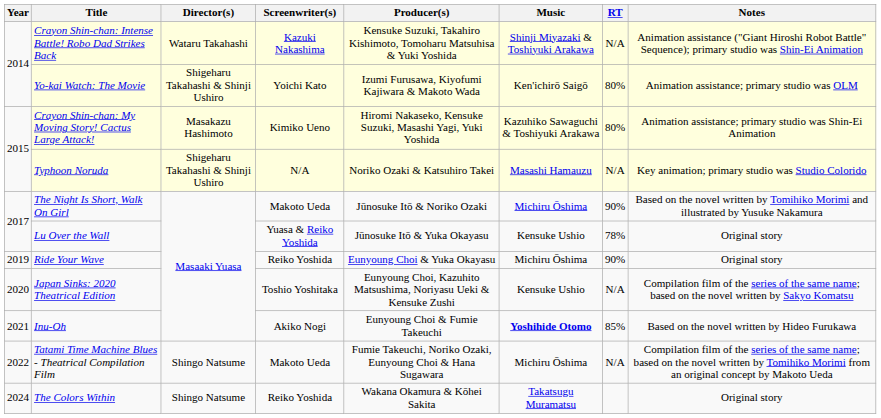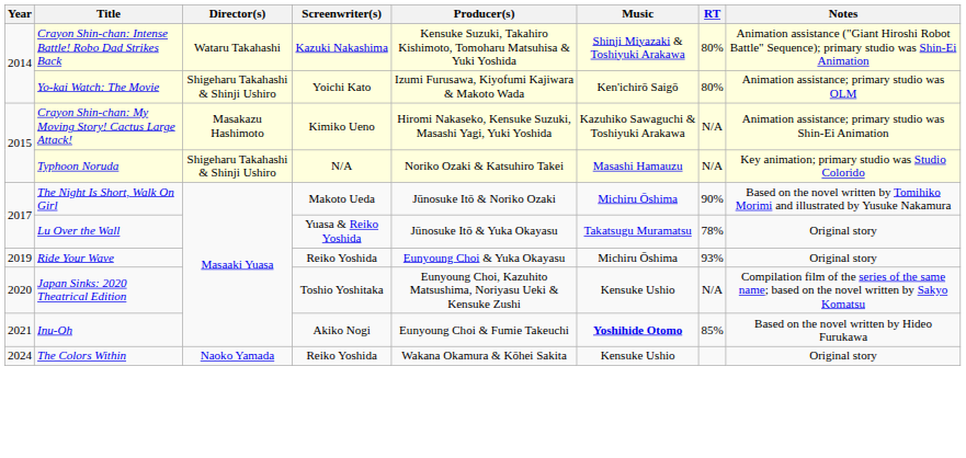 <table class="wikitable sortable"  style="text-align:center; width:100%;">
 <tr>
 <th data-sort-type="number">Year</th>
 <th data-sort-type="text">Title</th>
 <th data-sort-type="text">Director(s)</th>
 <th data-sort-type="text">Screenwriter(s)</th>
 <th data-sort-type="text">Producer(s)</th>
 <th data-sort-type="text">Music</th>
 <th data-sort-type="number"><a href='#'>RT</a></th>
 <th data-sort-type="text">Notes</th>
 </tr>
 <tr>
 <td rowspan="2" style="text-align:left">2014</td>
 <td style="background: #FFD; text-align: left"><em><a href='#'>Crayon Shin-chan: Intense Battle! Robo Dad Strikes Back</a></em></td>
 <td style="background: #FFD">Wataru Takahashi</td>
 <td style="background: #FFD"><a href='#'>Kazuki Nakashima</a></td>
 <td style="background: #FFD">Kensuke Suzuki, Takahiro Kishimoto, Tomoharu Matsuhisa & Yuki Yoshida</td>
 <td style="background: #FFD"><a href='#'>Shinji Miyazaki</a> & <a href='#'>Toshiyuki Arakawa</a></td>
-<td style="background: #FFD">N/A</td>
+<td style="background: #FFD">80%</td>
 <td style="background: #FFD">Animation assistance ("Giant Hiroshi Robot Battle" Sequence); primary studio was <a href='#'>Shin-Ei Animation</a></td>
 </tr>
 <tr>
 <td style="background: #FFD; text-align: left"><em><a href='#'>Yo-kai Watch: The Movie</a></em></td>
 <td style="background: #FFD">Shigeharu Takahashi & Shinji Ushiro</td>
 <td style="background: #FFD">Yoichi Kato</td>
 <td style="background: #FFD">Izumi Furusawa, Kiyofumi Kajiwara & Makoto Wada</td>
 <td style="background: #FFD">Ken'ichirō Saigō</td>
 <td style="background: #FFD">80%</td>
 <td style="background: #FFD">Animation assistance; primary studio was <a href='#'>OLM</a></td>
 </tr>
 <tr>
 <td rowspan="2" style="text-align:left">2015</td>
 <td style="background: #FFD; text-align: left"><em><a href='#'>Crayon Shin-chan: My Moving Story! Cactus Large Attack!</a></em></td>
 <td style="background: #FFD">Masakazu Hashimoto</td>
 <td style="background: #FFD">Kimiko Ueno</td>
 <td style="background: #FFD">Hiromi Nakaseko, Kensuke Suzuki, Masashi Yagi, Yuki Yoshida</td>
 <td style="background: #FFD">Kazuhiko Sawaguchi & Toshiyuki Arakawa</td>
-<td style="background: #FFD">80%</td>
+<td style="background: #FFD">N/A</td>
 <td style="background: #FFD">Animation assistance; primary studio was Shin-Ei Animation</td>
 </tr>
 <tr>
 <td style="background: #FFD; text-align: left"><em><a href='#'>Typhoon Noruda</a></em></td>
 <td style="background: #FFD">Shigeharu Takahashi & Shinji Ushiro</td>
 <td style="background: #FFD">N/A</td>
 <td style="background: #FFD">Noriko Ozaki & Katsuhiro Takei</td>
 <td style="background: #FFD"><a href='#'>Masashi Hamauzu</a></td>
 <td style="background: #FFD">N/A</td>
 <td style="background: #FFD">Key animation; primary studio was <a href='#'>Studio Colorido</a></td>
 </tr>
 <tr>
 <td rowspan="2" style="text-align:left">2017</td>
 <td style="text-align:left"><em><a href='#'>The Night Is Short, Walk On Girl</a></em></td>
 <td rowspan="5"><a href='#'>Masaaki Yuasa</a></td>
 <td>Makoto Ueda</td>
 <td>Jūnosuke Itō & Noriko Ozaki</td>
 <td><a href='#'>Michiru Ōshima</a></td>
 <td>90%</td>
 <td>Based on the novel written by <a href='#'>Tomihiko Morimi</a> and illustrated by Yusuke Nakamura</td>
 </tr>
 <tr>
 <td style="text-align:left"><em><a href='#'>Lu Over the Wall</a></em></td>
 <td>Yuasa & <a href='#'>Reiko Yoshida</a></td>
 <td>Jūnosuke Itō & Yuka Okayasu</td>
-<td>Kensuke Ushio</td>
+<td><a href='#'>Takatsugu Muramatsu</a></td>
 <td>78%</td>
 <td>Original story</td>
 </tr>
 <tr>
 <td style="text-align:left">2019</td>
 <td style="text-align:left"><em><a href='#'>Ride Your Wave</a></em></td>
 <td>Reiko Yoshida</td>
 <td><a href='#'>Eunyoung Choi</a> & Yuka Okayasu</td>
 <td>Michiru Ōshima</td>
-<td>90%</td>
+<td>93%</td>
 <td>Original story</td>
 </tr>
 <tr>
 <td style="text-align:left">2020</td>
 <td style="text-align:left"><em><a href='#'>Japan Sinks: 2020 Theatrical Edition</a></em></td>
 <td>Toshio Yoshitaka</td>
 <td>Eunyoung Choi, Kazuhito Matsushima, Noriyasu Ueki & Kensuke Zushi</td>
 <td>Kensuke Ushio</td>
 <td>N/A</td>
 <td>Compilation film of the <a href='#'>series of the same name</a>; based on the novel written by <a href='#'>Sakyo Komatsu</a></td>
 </tr>
 <tr>
 <td rowspan="1" style="text-align:left">2021</td>
 <td style="text-align:left"><em><a href='#'>Inu-Oh</a></em></td>
 <td>Akiko Nogi</td>
 <td>Eunyoung Choi & Fumie Takeuchi</td>
 <td><strong><a href='#'>Yoshihide Otomo</a></strong></td>
 <td>85%</td>
 <td>Based on the novel written by Hideo Furukawa</td>
 </tr>
 <tr>
-<td rowspan="1" style="text-align:left">2022</td>
-<td style="text-align:left"><em><a href='#'>Tatami Time Machine Blues</a> - Theatrical Compilation Film</em></td>
-<td>Shingo Natsume</td>
-<td>Makoto Ueda</td>
-<td>Fumie Takeuchi, Noriko Ozaki, Eunyoung Choi & Hana Sugawara</td>
-<td>Michiru Ōshima</td>
-<td>N/A</td>
-<td>Compilation film of the <a href='#'>series of the same name</a>; based on the novel written by <a href='#'>Tomihiko Morimi</a> from an original concept by Makoto Ueda</td>
-</tr>
-<tr>
 <td rowspan="1" style="text-align:left">2024</td>
 <td style="text-align:left"><em><a href='#'>The Colors Within</a></em></td>
-<td>Shingo Natsume</td>
+<td><a href='#'>Naoko Yamada</a></td>
 <td>Reiko Yoshida</td>
 <td>Wakana Okamura & Kōhei Sakita</td>
-<td><a href='#'>Takatsugu Muramatsu</a></td>
+<td>Kensuke Ushio</td>
 <td></td>
 <td>Original story</td>
 </tr>
 </table>
